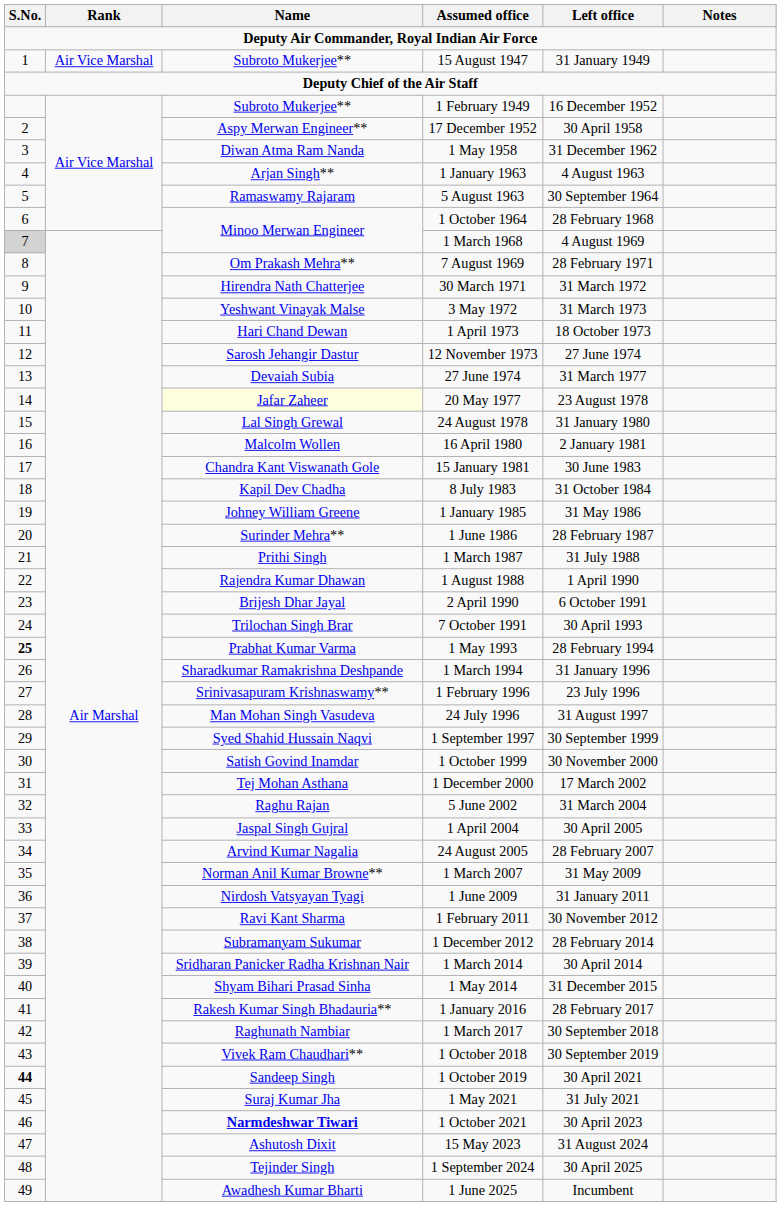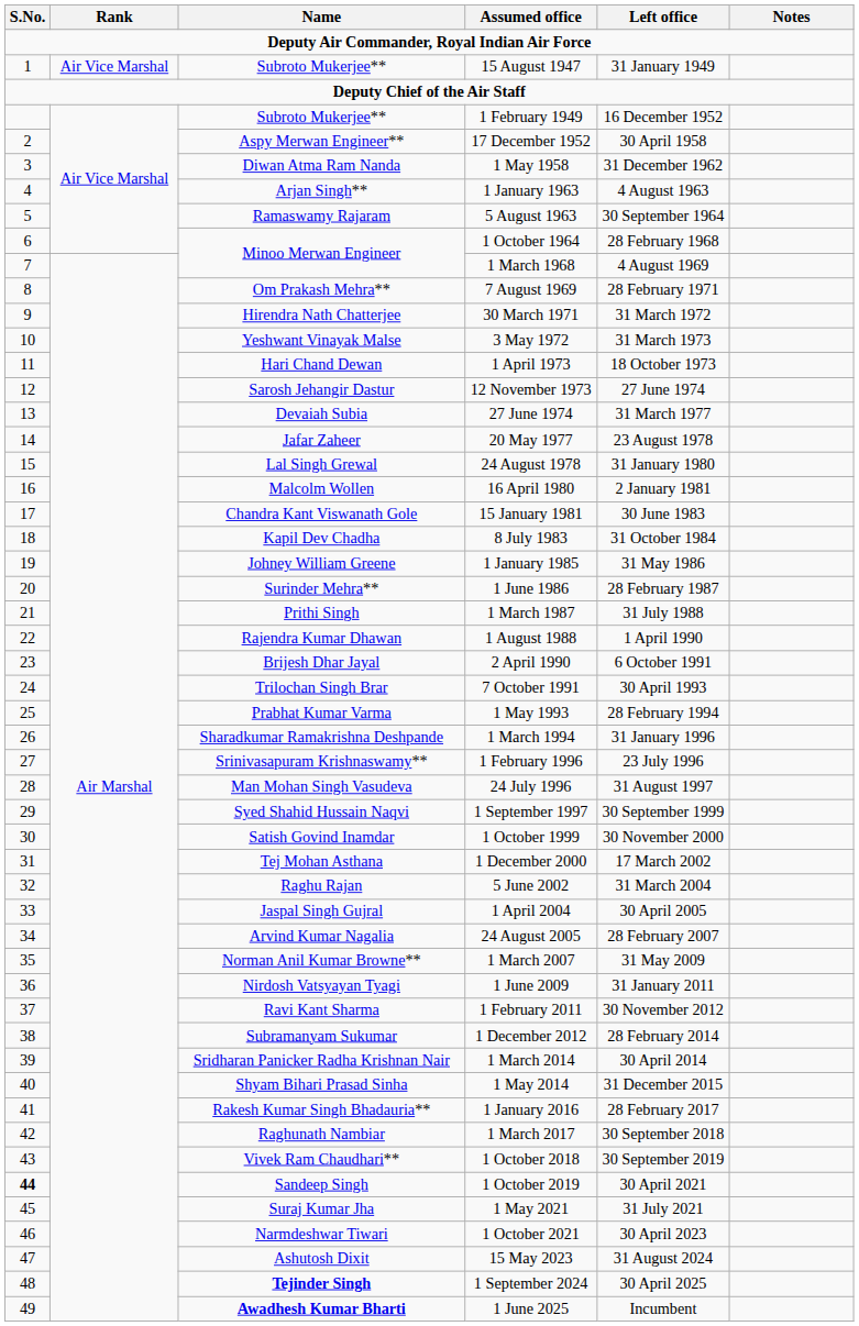 <table class="wikitable" style="text-align:center">
 <tr style="background:#cccccc">
 <th scope="col" style="width: 40px;">S.No.</th>
 <th scope="col" style="width: 150px;">Rank</th>
 <th scope="col" style="width: 350px;">Name</th>
 <th scope="col" style="width: 150px;">Assumed office</th>
 <th scope="col" style="width: 150px;">Left office</th>
 <th scope="col" style="width: 150px;">Notes</th>
 </tr>
 <tr>
 <td colspan="6"><strong>Deputy Air Commander, Royal Indian Air Force</strong></td>
 </tr>
 <tr>
 <td>1</td>
 <td><a href='#'>Air Vice Marshal</a> </td>
 <td><a href='#'>Subroto Mukerjee</a>**</td>
 <td>15 August 1947</td>
 <td>31 January 1949</td>
 <td></td>
 </tr>
 <tr>
 <td colspan="6"><strong>Deputy Chief of the Air Staff</strong></td>
 </tr>
 <tr>
 <td></td>
 <td rowspan='6'><a href='#'>Air Vice Marshal</a></td>
 <td><a href='#'>Subroto Mukerjee</a>**</td>
 <td>1 February 1949</td>
 <td>16 December 1952</td>
 <td></td>
 </tr>
 <tr>
 <td>2</td>
 <td><a href='#'>Aspy Merwan Engineer</a>**</td>
 <td>17 December 1952</td>
 <td>30 April 1958</td>
 <td></td>
 </tr>
 <tr>
 <td>3</td>
 <td><a href='#'>Diwan Atma Ram Nanda</a></td>
 <td>1 May 1958</td>
 <td>31 December 1962</td>
 <td></td>
 </tr>
 <tr>
 <td>4</td>
 <td><a href='#'>Arjan Singh</a>**</td>
 <td>1 January 1963</td>
 <td>4 August 1963</td>
 <td></td>
 </tr>
 <tr>
 <td>5</td>
 <td><a href='#'>Ramaswamy Rajaram</a></td>
 <td>5 August 1963</td>
 <td>30 September 1964</td>
 <td></td>
 </tr>
 <tr>
 <td>6</td>
 <td rowspan='2'><a href='#'>Minoo Merwan Engineer</a></td>
 <td>1 October 1964</td>
 <td>28 February 1968</td>
 <td></td>
 </tr>
 <tr>
-<td style="background: lightgrey;">7</td>
+<td>7</td>
 <td rowspan='43'><a href='#'>Air Marshal</a></td>
 <td>1 March 1968</td>
 <td>4 August 1969</td>
 <td></td>
 </tr>
 <tr>
 <td>8</td>
 <td><a href='#'>Om Prakash Mehra</a>**</td>
 <td>7 August 1969</td>
 <td>28 February 1971</td>
 <td></td>
 </tr>
 <tr>
 <td>9</td>
 <td><a href='#'>Hirendra Nath Chatterjee</a></td>
 <td>30 March 1971</td>
 <td>31 March 1972</td>
 <td></td>
 </tr>
 <tr>
 <td>10</td>
 <td><a href='#'>Yeshwant Vinayak Malse</a></td>
 <td>3 May 1972</td>
 <td>31 March 1973</td>
 <td></td>
 </tr>
 <tr>
 <td>11</td>
 <td><a href='#'>Hari Chand Dewan</a></td>
 <td>1 April 1973</td>
 <td>18 October 1973</td>
 <td></td>
 </tr>
 <tr>
 <td>12</td>
 <td><a href='#'>Sarosh Jehangir Dastur</a></td>
 <td>12 November 1973</td>
 <td>27 June 1974</td>
 <td></td>
 </tr>
 <tr>
 <td>13</td>
 <td><a href='#'>Devaiah Subia</a></td>
 <td>27 June 1974</td>
 <td>31 March 1977</td>
 <td></td>
 </tr>
 <tr>
 <td>14</td>
-<td style="background: lightyellow;"><a href='#'>Jafar Zaheer</a></td>
+<td><a href='#'>Jafar Zaheer</a></td>
 <td>20 May 1977</td>
 <td>23 August 1978</td>
 <td></td>
 </tr>
 <tr>
 <td>15</td>
 <td><a href='#'>Lal Singh Grewal</a></td>
 <td>24 August 1978</td>
 <td>31 January 1980</td>
 <td></td>
 </tr>
 <tr>
 <td>16</td>
 <td><a href='#'>Malcolm Wollen</a></td>
 <td>16 April 1980</td>
 <td>2 January 1981</td>
 <td></td>
 </tr>
 <tr>
 <td>17</td>
 <td><a href='#'>Chandra Kant Viswanath Gole</a></td>
 <td>15 January 1981</td>
 <td>30 June 1983</td>
 <td></td>
 </tr>
 <tr>
 <td>18</td>
 <td><a href='#'>Kapil Dev Chadha</a></td>
 <td>8 July 1983</td>
 <td>31 October 1984</td>
 <td></td>
 </tr>
 <tr>
 <td>19</td>
 <td><a href='#'>Johney William Greene</a></td>
 <td>1 January 1985</td>
 <td>31 May 1986</td>
 <td></td>
 </tr>
 <tr>
 <td>20</td>
 <td><a href='#'>Surinder Mehra</a>**</td>
 <td>1 June 1986</td>
 <td>28 February 1987</td>
 <td></td>
 </tr>
 <tr>
 <td>21</td>
 <td><a href='#'>Prithi Singh</a></td>
 <td>1 March 1987</td>
 <td>31 July 1988</td>
 <td></td>
 </tr>
 <tr>
 <td>22</td>
 <td><a href='#'>Rajendra Kumar Dhawan</a></td>
 <td>1 August 1988</td>
 <td>1 April 1990</td>
 <td></td>
 </tr>
 <tr>
 <td>23</td>
 <td><a href='#'>Brijesh Dhar Jayal</a></td>
 <td>2 April 1990</td>
 <td>6 October 1991</td>
 <td></td>
 </tr>
 <tr>
 <td>24</td>
 <td><a href='#'>Trilochan Singh Brar</a></td>
 <td>7 October 1991</td>
 <td>30 April 1993</td>
 <td></td>
 </tr>
 <tr>
-<td><strong>25</strong></td>
+<td>25</td>
 <td><a href='#'>Prabhat Kumar Varma</a></td>
 <td>1 May 1993</td>
 <td>28 February 1994</td>
 <td></td>
 </tr>
 <tr>
 <td>26</td>
 <td><a href='#'>Sharadkumar Ramakrishna Deshpande</a></td>
 <td>1 March 1994</td>
 <td>31 January 1996</td>
 <td></td>
 </tr>
 <tr>
 <td>27</td>
 <td><a href='#'>Srinivasapuram Krishnaswamy</a>**</td>
 <td>1 February 1996</td>
 <td>23 July 1996</td>
 <td></td>
 </tr>
 <tr>
 <td>28</td>
 <td><a href='#'>Man Mohan Singh Vasudeva</a></td>
 <td>24 July 1996</td>
 <td>31 August 1997</td>
 <td></td>
 </tr>
 <tr>
 <td>29</td>
 <td><a href='#'>Syed Shahid Hussain Naqvi</a></td>
 <td>1 September 1997</td>
 <td>30 September 1999</td>
 <td></td>
 </tr>
 <tr>
 <td>30</td>
 <td><a href='#'>Satish Govind Inamdar</a></td>
 <td>1 October 1999</td>
 <td>30 November 2000</td>
 <td></td>
 </tr>
 <tr>
 <td>31</td>
 <td><a href='#'>Tej Mohan Asthana</a></td>
 <td>1 December 2000</td>
 <td>17 March 2002</td>
 <td></td>
 </tr>
 <tr>
 <td>32</td>
 <td><a href='#'>Raghu Rajan</a></td>
 <td>5 June 2002</td>
 <td>31 March 2004</td>
 <td></td>
 </tr>
 <tr>
 <td>33</td>
 <td><a href='#'>Jaspal Singh Gujral</a></td>
 <td>1 April 2004</td>
 <td>30 April 2005</td>
 <td></td>
 </tr>
 <tr>
 <td>34</td>
 <td><a href='#'>Arvind Kumar Nagalia</a></td>
 <td>24 August 2005</td>
 <td>28 February 2007</td>
 <td></td>
 </tr>
 <tr>
 <td>35</td>
 <td><a href='#'>Norman Anil Kumar Browne</a>**</td>
 <td>1 March 2007</td>
 <td>31 May 2009</td>
 <td></td>
 </tr>
 <tr>
 <td>36</td>
 <td><a href='#'>Nirdosh Vatsyayan Tyagi</a></td>
 <td>1 June 2009</td>
 <td>31 January 2011</td>
 <td></td>
 </tr>
 <tr>
 <td>37</td>
 <td><a href='#'>Ravi Kant Sharma</a></td>
 <td>1 February 2011</td>
 <td>30 November 2012</td>
 <td></td>
 </tr>
 <tr>
 <td>38</td>
 <td><a href='#'>Subramanyam Sukumar</a></td>
 <td>1 December 2012</td>
 <td>28 February 2014</td>
 <td></td>
 </tr>
 <tr>
 <td>39</td>
 <td><a href='#'>Sridharan Panicker Radha Krishnan Nair</a></td>
 <td>1 March 2014</td>
 <td>30 April 2014</td>
 <td></td>
 </tr>
 <tr>
 <td>40</td>
 <td><a href='#'>Shyam Bihari Prasad Sinha</a></td>
 <td>1 May 2014</td>
 <td>31 December 2015</td>
 <td></td>
 </tr>
 <tr>
 <td>41</td>
 <td><a href='#'>Rakesh Kumar Singh Bhadauria</a>**</td>
 <td>1 January 2016</td>
 <td>28 February 2017</td>
 <td></td>
 </tr>
 <tr>
 <td>42</td>
 <td><a href='#'>Raghunath Nambiar</a></td>
 <td>1 March 2017</td>
 <td>30 September 2018</td>
 <td></td>
 </tr>
 <tr>
 <td>43</td>
 <td><a href='#'>Vivek Ram Chaudhari</a>**</td>
 <td>1 October 2018</td>
 <td>30 September 2019</td>
 <td></td>
 </tr>
 <tr>
 <td><strong>44</strong></td>
 <td><a href='#'>Sandeep Singh</a></td>
 <td>1 October 2019</td>
 <td>30 April 2021</td>
 <td></td>
 </tr>
 <tr>
 <td>45</td>
 <td><a href='#'>Suraj Kumar Jha</a></td>
 <td>1 May 2021</td>
 <td>31 July 2021</td>
 <td></td>
 </tr>
 <tr>
 <td>46</td>
-<td><strong><a href='#'>Narmdeshwar Tiwari</a></strong></td>
+<td><a href='#'>Narmdeshwar Tiwari</a></td>
 <td>1 October 2021</td>
 <td>30 April 2023</td>
 <td></td>
 </tr>
 <tr>
 <td>47</td>
 <td><a href='#'>Ashutosh Dixit</a></td>
 <td>15 May 2023</td>
 <td>31 August 2024</td>
 <td></td>
 </tr>
 <tr>
 <td>48</td>
-<td><a href='#'>Tejinder Singh</a></td>
+<td><strong><a href='#'>Tejinder Singh</a></strong></td>
 <td>1 September 2024</td>
 <td>30 April 2025</td>
 <td></td>
 </tr>
 <tr>
 <td>49</td>
-<td><a href='#'>Awadhesh Kumar Bharti</a></td>
+<td><strong><a href='#'>Awadhesh Kumar Bharti</a></strong></td>
 <td>1 June 2025</td>
 <td>Incumbent</td>
 <td></td>
 </tr>
 </table>
